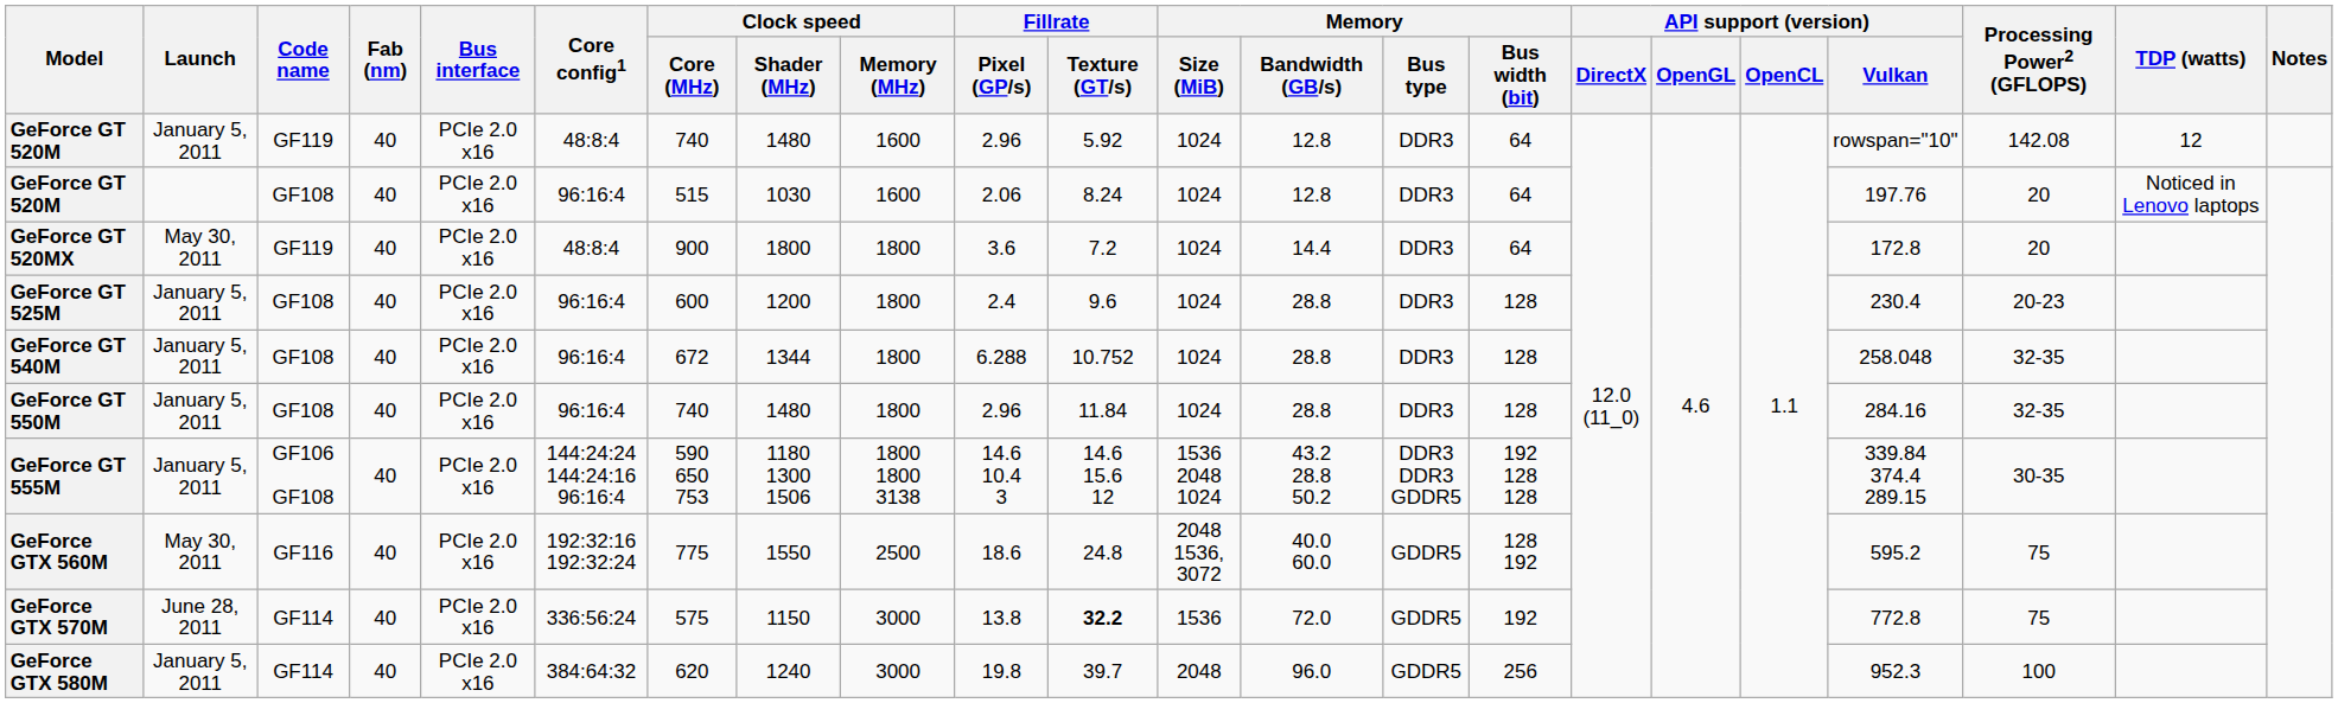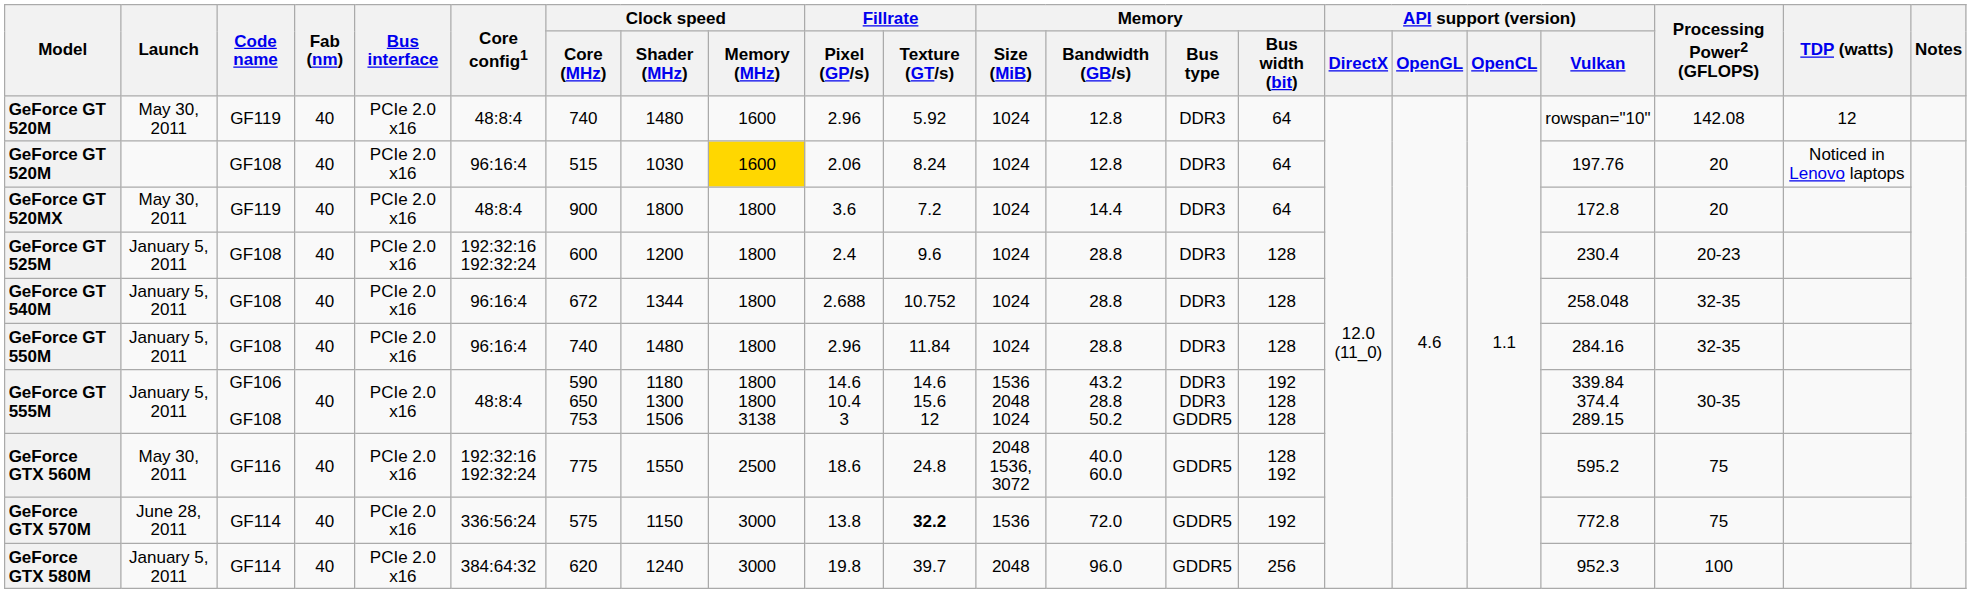 <table class="wikitable sortable sort-under mw-datatable" style="font-size: 85%; text-align: center;">
 <tr>
 <th rowspan=2>Model</th>
 <th rowspan=2>Launch</th>
 <th rowspan=2><a href='#'>Code name</a></th>
 <th rowspan=2>Fab (<a href='#'>nm</a>)</th>
 <th rowspan=2><a href='#'>Bus</a> <a href='#'>interface</a></th>
 <th rowspan=2>Core config<sup>1</sup></th>
 <th colspan=3>Clock speed</th>
 <th colspan=2><a href='#'>Fillrate</a></th>
 <th colspan=4>Memory</th>
 <th colspan=4><a href='#'>API</a> support (version)</th>
 <th rowspan=2>Processing Power<sup>2</sup><br> (GFLOPS)</th>
 <th rowspan=2><a href='#'>TDP</a> (watts)</th>
 <th rowspan=2>Notes</th>
 </tr>
 <tr>
 <th>Core (<a href='#'>MHz</a>)</th>
 <th>Shader (<a href='#'>MHz</a>)</th>
 <th>Memory (<a href='#'>MHz</a>)</th>
 <th>Pixel (<a href='#'>GP</a>/s)</th>
 <th>Texture (<a href='#'>GT</a>/s)</th>
 <th>Size (<a href='#'>MiB</a>)</th>
 <th>Bandwidth (<a href='#'>GB</a>/s)</th>
 <th>Bus type</th>
 <th>Bus width (<a href='#'>bit</a>)</th>
 <th><a href='#'>DirectX</a></th>
 <th><a href='#'>OpenGL</a></th>
 <th><a href='#'>OpenCL</a></th>
 <th><a href='#'>Vulkan</a></th>
 </tr>
 <tr>
 <th style="text-align:left;">GeForce GT 520M</th>
-<td>January 5, 2011</td>
+<td>May 30, 2011</td>
 <td>GF119</td>
 <td>40</td>
 <td>PCIe 2.0 x16</td>
 <td>48:8:4</td>
 <td>740</td>
 <td>1480</td>
 <td>1600</td>
 <td>2.96</td>
 <td>5.92</td>
 <td>1024</td>
 <td>12.8</td>
 <td>DDR3</td>
 <td>64</td>
 <td rowspan="10">12.0<br>(11_0)</td>
 <td rowspan="10">4.6</td>
 <td rowspan="10">1.1</td>
 <td>rowspan="10" </td>
 <td>142.08</td>
 <td>12</td>
 <td></td>
 </tr>
 <tr>
 <th style="text-align:left;">GeForce GT 520M</th>
 <td></td>
 <td>GF108</td>
 <td>40</td>
 <td>PCIe 2.0 x16</td>
 <td>96:16:4</td>
 <td>515</td>
 <td>1030</td>
-<td>1600</td>
+<td style="background: gold;">1600</td>
 <td>2.06</td>
 <td>8.24</td>
 <td>1024</td>
 <td>12.8</td>
 <td>DDR3</td>
 <td>64</td>
 <td>197.76</td>
 <td>20</td>
 <td>Noticed in <a href='#'>Lenovo</a> laptops</td>
 </tr>
 <tr>
 <th style="text-align:left;">GeForce GT 520MX</th>
 <td>May 30, 2011</td>
 <td>GF119</td>
 <td>40</td>
 <td>PCIe 2.0 x16</td>
 <td>48:8:4</td>
 <td>900</td>
 <td>1800</td>
 <td>1800</td>
 <td>3.6</td>
 <td>7.2</td>
 <td>1024</td>
 <td>14.4</td>
 <td>DDR3</td>
 <td>64</td>
 <td>172.8</td>
 <td>20</td>
 <td></td>
 </tr>
 <tr>
 <th style="text-align:left;">GeForce GT 525M</th>
 <td>January 5, 2011</td>
 <td>GF108</td>
 <td>40</td>
 <td>PCIe 2.0 x16</td>
-<td>96:16:4</td>
+<td>192:32:16<br>192:32:24</td>
 <td>600</td>
 <td>1200</td>
 <td>1800</td>
 <td>2.4</td>
 <td>9.6</td>
 <td>1024</td>
 <td>28.8</td>
 <td>DDR3</td>
 <td>128</td>
 <td>230.4</td>
 <td>20-23</td>
 <td></td>
 </tr>
 <tr>
 <th style="text-align:left;">GeForce GT 540M</th>
 <td>January 5, 2011</td>
 <td>GF108</td>
 <td>40</td>
 <td>PCIe 2.0 x16</td>
 <td>96:16:4</td>
 <td>672</td>
 <td>1344</td>
 <td>1800</td>
-<td>6.288</td>
+<td>2.688</td>
 <td>10.752</td>
 <td>1024</td>
 <td>28.8</td>
 <td>DDR3</td>
 <td>128</td>
 <td>258.048</td>
 <td>32-35</td>
 <td></td>
 </tr>
 <tr>
 <th style="text-align:left;">GeForce GT 550M</th>
 <td>January 5, 2011</td>
 <td>GF108</td>
 <td>40</td>
 <td>PCIe 2.0 x16</td>
 <td>96:16:4</td>
 <td>740</td>
 <td>1480</td>
 <td>1800</td>
 <td>2.96</td>
 <td>11.84</td>
 <td>1024</td>
 <td>28.8</td>
 <td>DDR3</td>
 <td>128</td>
 <td>284.16</td>
 <td>32-35</td>
 <td></td>
 </tr>
 <tr>
 <th style="text-align:left;">GeForce GT 555M</th>
 <td>January 5, 2011</td>
 <td>GF106<br><br>GF108</td>
 <td>40</td>
 <td>PCIe 2.0 x16</td>
-<td>144:24:24<br>144:24:16<br>96:16:4</td>
+<td>48:8:4</td>
 <td>590<br>650<br>753</td>
 <td>1180<br>1300<br>1506</td>
 <td>1800<br>1800<br>3138</td>
 <td>14.6<br>10.4<br>3</td>
 <td>14.6<br>15.6<br>12</td>
 <td>1536<br>2048<br>1024</td>
 <td>43.2<br>28.8<br>50.2</td>
 <td>DDR3<br>DDR3<br>GDDR5</td>
 <td>192<br>128<br>128</td>
 <td>339.84<br>374.4<br>289.15</td>
 <td>30-35</td>
 <td></td>
 </tr>
 <tr>
 <th style="text-align:left;">GeForce GTX 560M</th>
 <td>May 30, 2011</td>
 <td>GF116</td>
 <td>40</td>
 <td>PCIe 2.0 x16</td>
 <td>192:32:16<br>192:32:24</td>
 <td>775</td>
 <td>1550</td>
 <td>2500</td>
 <td>18.6</td>
 <td>24.8</td>
 <td>2048<br>1536, 3072</td>
 <td>40.0<br>60.0</td>
 <td>GDDR5</td>
 <td>128<br>192</td>
 <td>595.2</td>
 <td>75</td>
 <td></td>
 </tr>
 <tr>
 <th style="text-align:left;">GeForce GTX 570M</th>
 <td>June 28, 2011</td>
 <td>GF114</td>
 <td>40</td>
 <td>PCIe 2.0 x16</td>
 <td>336:56:24</td>
 <td>575</td>
 <td>1150</td>
 <td>3000</td>
 <td>13.8</td>
 <td><strong>32.2</strong></td>
 <td>1536</td>
 <td>72.0</td>
 <td>GDDR5</td>
 <td>192</td>
 <td>772.8</td>
 <td>75</td>
 <td></td>
 </tr>
 <tr>
 <th style="text-align:left;">GeForce GTX 580M</th>
 <td>January 5, 2011</td>
 <td>GF114</td>
 <td>40</td>
 <td>PCIe 2.0 x16</td>
 <td>384:64:32</td>
 <td>620</td>
 <td>1240</td>
 <td>3000</td>
 <td>19.8</td>
 <td>39.7</td>
 <td>2048</td>
 <td>96.0</td>
 <td>GDDR5</td>
 <td>256</td>
 <td>952.3</td>
 <td>100</td>
 <td></td>
 </tr>
 </table>
